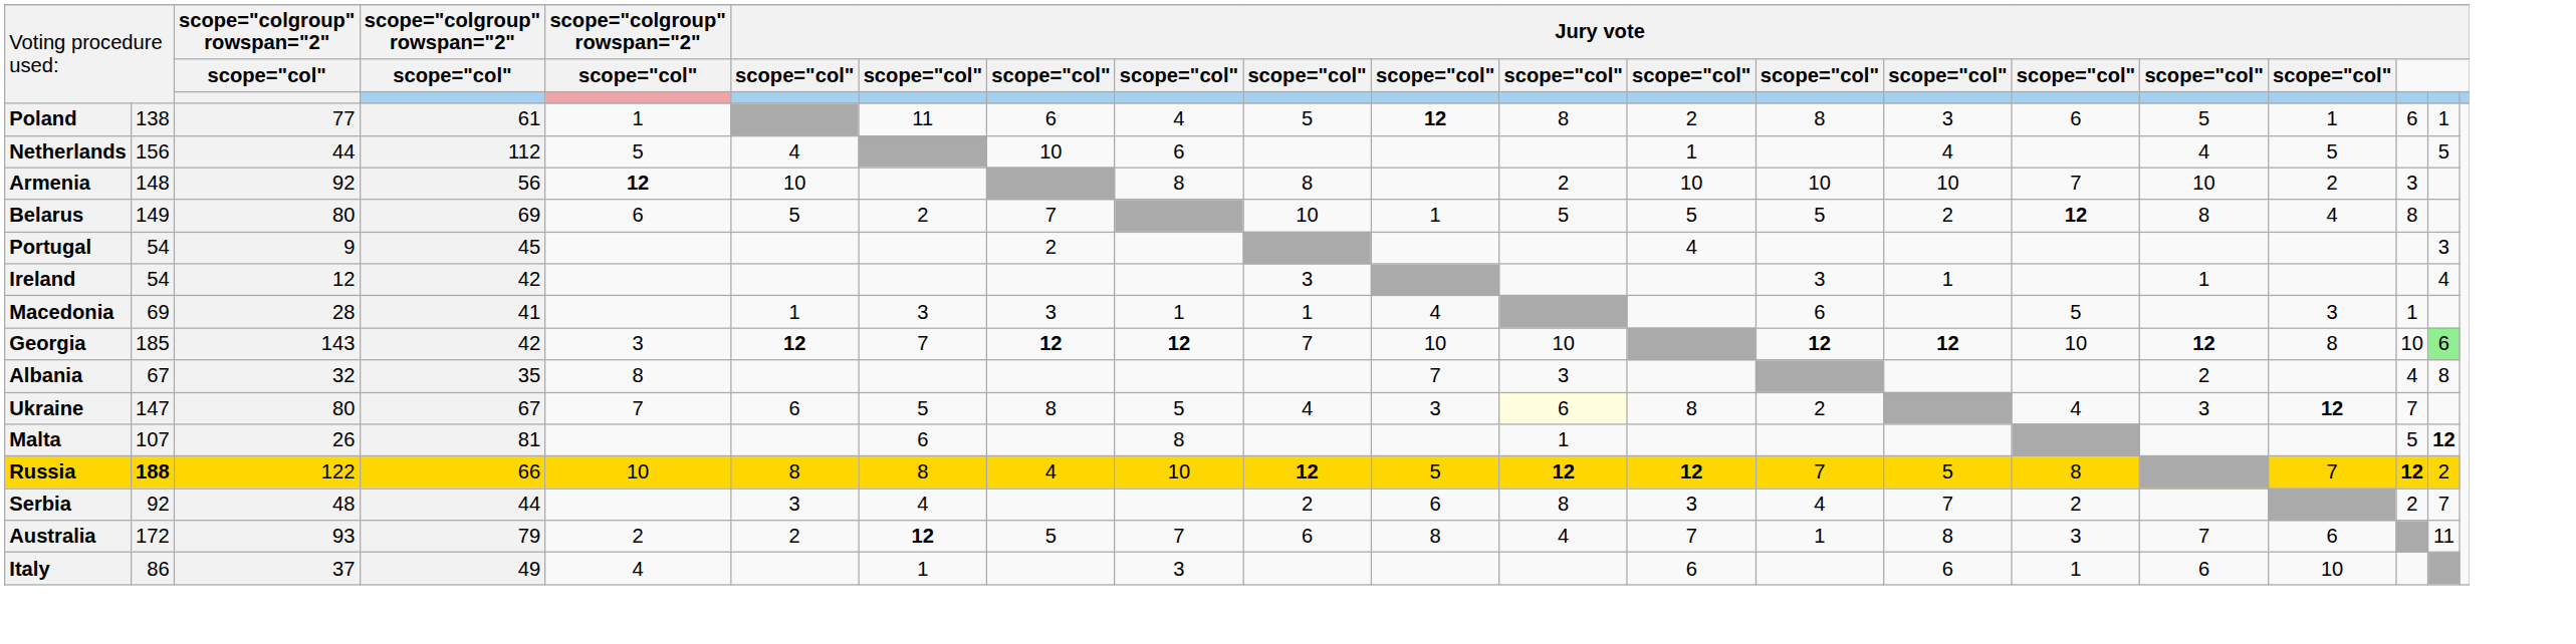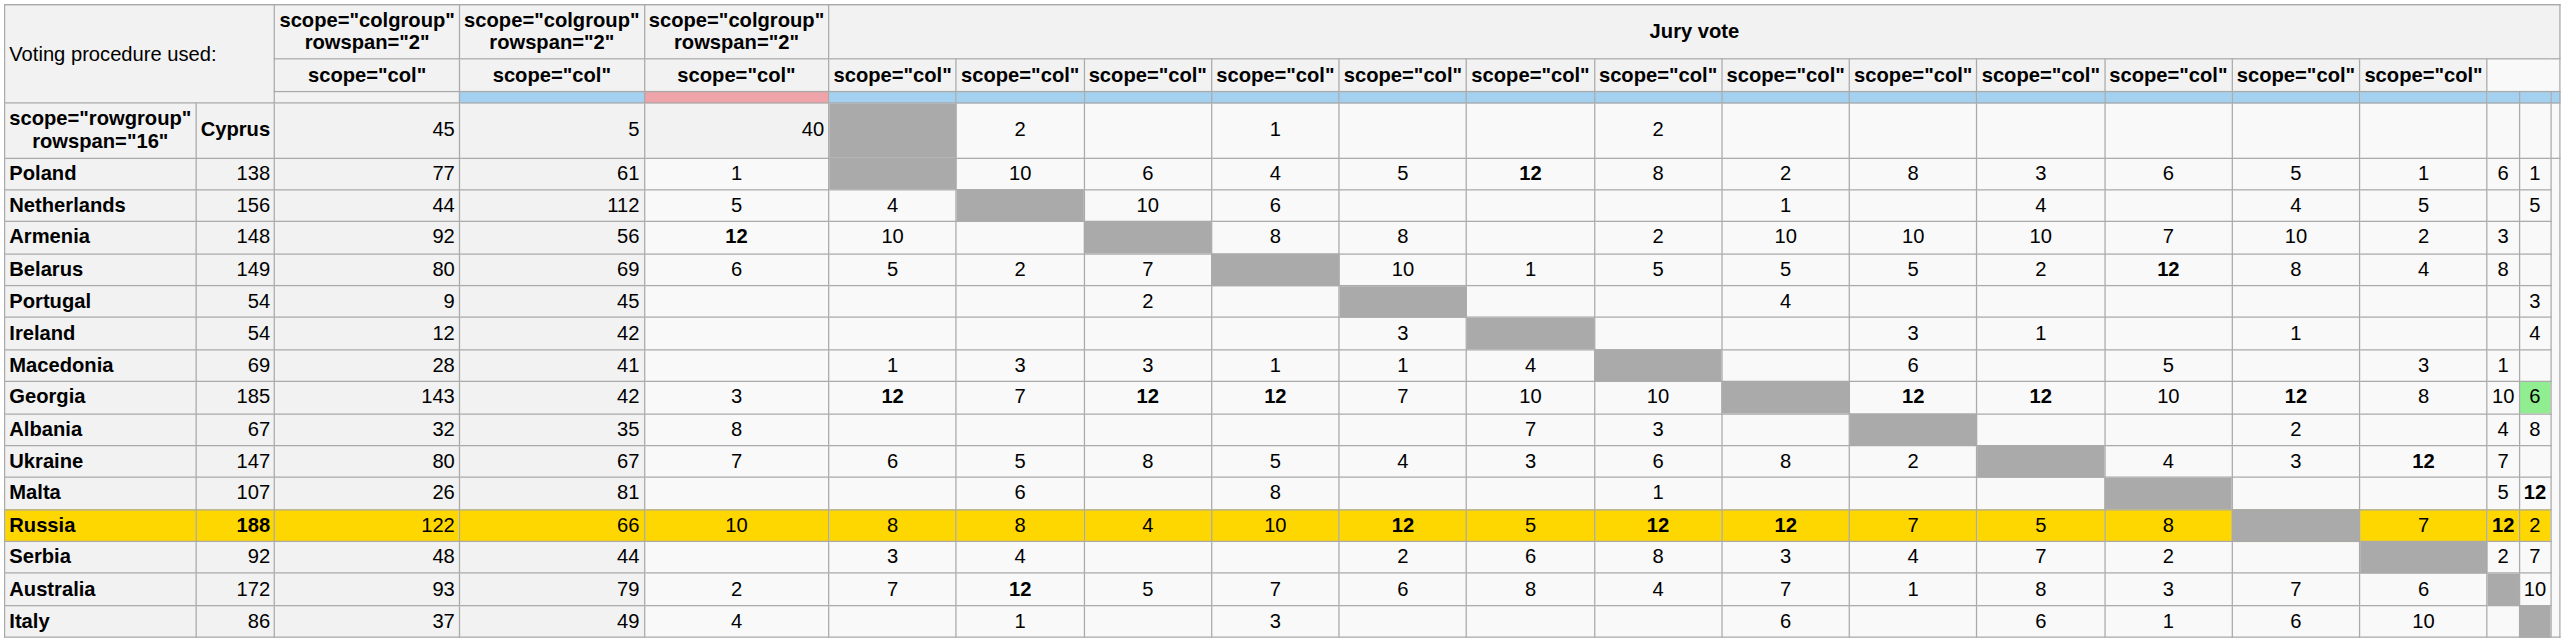 <table class="wikitable plainrowheaders" style="text-align:center;">
 <tr>
 </tr>
 <tr>
 <td colspan="2" rowspan="3" style="text-align:left; background:#F2F2F2">Voting procedure used:<br></td>
 <th>scope="colgroup" rowspan="2" </th>
 <th>scope="colgroup" rowspan="2" </th>
 <th>scope="colgroup" rowspan="2" </th>
 <th scope="colgroup" colspan="16">Jury vote</th>
 </tr>
 <tr>
 <th>scope="col" </th>
 <th>scope="col" </th>
 <th>scope="col" </th>
 <th>scope="col" </th>
 <th>scope="col" </th>
 <th>scope="col" </th>
 <th>scope="col" </th>
 <th>scope="col" </th>
 <th>scope="col" </th>
 <th>scope="col" </th>
 <th>scope="col" </th>
 <th>scope="col" </th>
 <th>scope="col" </th>
 <th>scope="col" </th>
 <th>scope="col" </th>
 <th>scope="col" </th>
 </tr>
 <tr>
 <th style="height:2px; border-top:1px solid transparent;"></th>
 <td style="background:#A4D1EF;"></td>
 <td style="background:#EFA4A9;"></td>
 <td style="background:#A4D1EF;"></td>
 <td style="background:#A4D1EF;"></td>
 <td style="background:#A4D1EF;"></td>
 <td style="background:#A4D1EF;"></td>
 <td style="background:#A4D1EF;"></td>
 <td style="background:#A4D1EF;"></td>
 <td style="background:#A4D1EF;"></td>
 <td style="background:#A4D1EF;"></td>
 <td style="background:#A4D1EF;"></td>
 <td style="background:#A4D1EF;"></td>
 <td style="background:#A4D1EF;"></td>
 <td style="background:#A4D1EF;"></td>
 <td style="background:#A4D1EF;"></td>
 <td style="background:#A4D1EF;"></td>
 <td style="background:#A4D1EF;"></td>
 <td style="background:#A4D1EF;"></td>
 </tr>
 <tr>
+<th>scope="rowgroup" rowspan="16" </th>
+<th scope="row" style="text-align:left; background:#f2f2f2;">Cyprus</th>
+<td style="text-align:right; background:#f2f2f2;">45</td>
+<td style="text-align:right; background:#f2f2f2;">5</td>
+<td style="text-align:right; background:#f2f2f2;">40</td>
+<td style="text-align:left; background:#aaa;"></td>
+<td>2</td>
+<td></td>
+<td>1</td>
+<td></td>
+<td></td>
+<td>2</td>
+<td></td>
+<td></td>
+<td></td>
+<td></td>
+<td></td>
+<td></td>
+<td></td>
+<td></td>
+<td></td>
+</tr>
+<tr>
 <th scope="row" style="text-align:left; background:#f2f2f2;">Poland</th>
 <td style="text-align:right; background:#f2f2f2;">138</td>
 <td style="text-align:right; background:#f2f2f2;">77</td>
 <td style="text-align:right; background:#f2f2f2;">61</td>
 <td>1</td>
 <td style="text-align:left; background:#aaa;"></td>
-<td>11</td>
+<td>10</td>
 <td>6</td>
 <td>4</td>
 <td>5</td>
 <td><strong>12</strong></td>
 <td>8</td>
 <td>2</td>
 <td>8</td>
 <td>3</td>
 <td>6</td>
 <td>5</td>
 <td>1</td>
 <td>6</td>
 <td>1</td>
 </tr>
 <tr>
 <th scope="row" style="text-align:left; background:#f2f2f2;">Netherlands</th>
 <td style="text-align:right; background:#f2f2f2;">156</td>
 <td style="text-align:right; background:#f2f2f2;">44</td>
 <td style="text-align:right; background:#f2f2f2;">112</td>
 <td>5</td>
 <td>4</td>
 <td style="text-align:left; background:#aaa;"></td>
 <td>10</td>
 <td>6</td>
 <td></td>
 <td></td>
 <td></td>
 <td>1</td>
 <td></td>
 <td>4</td>
 <td></td>
 <td>4</td>
 <td>5</td>
 <td></td>
 <td>5</td>
 </tr>
 <tr>
 <th scope="row" style="text-align:left; background:#f2f2f2;">Armenia</th>
 <td style="text-align:right; background:#f2f2f2;">148</td>
 <td style="text-align:right; background:#f2f2f2;">92</td>
 <td style="text-align:right; background:#f2f2f2;">56</td>
 <td><strong>12</strong></td>
 <td>10</td>
 <td></td>
 <td style="text-align:left; background:#aaa;"></td>
 <td>8</td>
 <td>8</td>
 <td></td>
 <td>2</td>
 <td>10</td>
 <td>10</td>
 <td>10</td>
 <td>7</td>
 <td>10</td>
 <td>2</td>
 <td>3</td>
 <td></td>
 </tr>
 <tr>
 <th scope="row" style="text-align:left; background:#f2f2f2;">Belarus</th>
 <td style="text-align:right; background:#f2f2f2;">149</td>
 <td style="text-align:right; background:#f2f2f2;">80</td>
 <td style="text-align:right; background:#f2f2f2;">69</td>
 <td>6</td>
 <td>5</td>
 <td>2</td>
 <td>7</td>
 <td style="text-align:left; background:#aaa;"></td>
 <td>10</td>
 <td>1</td>
 <td>5</td>
 <td>5</td>
 <td>5</td>
 <td>2</td>
 <td><strong>12</strong></td>
 <td>8</td>
 <td>4</td>
 <td>8</td>
 <td></td>
 </tr>
 <tr>
 <th scope="row" style="text-align:left; background:#f2f2f2;">Portugal</th>
 <td style="text-align:right; background:#f2f2f2;">54</td>
 <td style="text-align:right; background:#f2f2f2;">9</td>
 <td style="text-align:right; background:#f2f2f2;">45</td>
 <td></td>
 <td></td>
 <td></td>
 <td>2</td>
 <td></td>
 <td style="text-align:left; background:#aaa;"></td>
 <td></td>
 <td></td>
 <td>4</td>
 <td></td>
 <td></td>
 <td></td>
 <td></td>
 <td></td>
 <td></td>
 <td>3</td>
 </tr>
 <tr>
 <th scope="row" style="text-align:left; background:#f2f2f2;">Ireland</th>
 <td style="text-align:right; background:#f2f2f2;">54</td>
 <td style="text-align:right; background:#f2f2f2;">12</td>
 <td style="text-align:right; background:#f2f2f2;">42</td>
 <td></td>
 <td></td>
 <td></td>
 <td></td>
 <td></td>
 <td>3</td>
 <td style="text-align:left; background:#aaa;"></td>
 <td></td>
 <td></td>
 <td>3</td>
 <td>1</td>
 <td></td>
 <td>1</td>
 <td></td>
 <td></td>
 <td>4</td>
 </tr>
 <tr>
 <th scope="row" style="text-align:left; background:#f2f2f2;">Macedonia</th>
 <td style="text-align:right; background:#f2f2f2;">69</td>
 <td style="text-align:right; background:#f2f2f2;">28</td>
 <td style="text-align:right; background:#f2f2f2;">41</td>
 <td></td>
 <td>1</td>
 <td>3</td>
 <td>3</td>
 <td>1</td>
 <td>1</td>
 <td>4</td>
 <td style="text-align:left; background:#aaa;"></td>
 <td></td>
 <td>6</td>
 <td></td>
 <td>5</td>
 <td></td>
 <td>3</td>
 <td>1</td>
 <td></td>
 </tr>
 <tr>
 <th scope="row" style="text-align:left; background:#f2f2f2;">Georgia</th>
 <td style="text-align:right; background:#f2f2f2;">185</td>
 <td style="text-align:right; background:#f2f2f2;">143</td>
 <td style="text-align:right; background:#f2f2f2;">42</td>
 <td>3</td>
 <td><strong>12</strong></td>
 <td>7</td>
 <td><strong>12</strong></td>
 <td><strong>12</strong></td>
 <td>7</td>
 <td>10</td>
 <td>10</td>
 <td style="text-align:left; background:#aaa;"></td>
 <td><strong>12</strong></td>
 <td><strong>12</strong></td>
 <td>10</td>
 <td><strong>12</strong></td>
 <td>8</td>
 <td>10</td>
 <td style="background: lightgreen;">6</td>
 </tr>
 <tr>
 <th scope="row" style="text-align:left; background:#f2f2f2;">Albania</th>
 <td style="text-align:right; background:#f2f2f2;">67</td>
 <td style="text-align:right; background:#f2f2f2;">32</td>
 <td style="text-align:right; background:#f2f2f2;">35</td>
 <td>8</td>
 <td></td>
 <td></td>
 <td></td>
 <td></td>
 <td></td>
 <td>7</td>
 <td>3</td>
 <td></td>
 <td style="text-align:left; background:#aaa;"></td>
 <td></td>
 <td></td>
 <td>2</td>
 <td></td>
 <td>4</td>
 <td>8</td>
 </tr>
 <tr>
 <th scope="row" style="text-align:left; background:#f2f2f2;">Ukraine</th>
 <td style="text-align:right; background:#f2f2f2;">147</td>
 <td style="text-align:right; background:#f2f2f2;">80</td>
 <td style="text-align:right; background:#f2f2f2;">67</td>
 <td>7</td>
 <td>6</td>
 <td>5</td>
 <td>8</td>
 <td>5</td>
 <td>4</td>
 <td>3</td>
-<td style="background: lightyellow;">6</td>
+<td>6</td>
 <td>8</td>
 <td>2</td>
 <td style="text-align:left; background:#aaa;"></td>
 <td>4</td>
 <td>3</td>
 <td><strong>12</strong></td>
 <td>7</td>
 <td></td>
 </tr>
 <tr>
 <th scope="row" style="text-align:left; background:#f2f2f2;">Malta</th>
 <td style="text-align:right; background:#f2f2f2;">107</td>
 <td style="text-align:right; background:#f2f2f2;">26</td>
 <td style="text-align:right; background:#f2f2f2;">81</td>
 <td></td>
 <td></td>
 <td>6</td>
 <td></td>
 <td>8</td>
 <td></td>
 <td></td>
 <td>1</td>
 <td></td>
 <td></td>
 <td></td>
 <td style="text-align:left; background:#aaa;"></td>
 <td></td>
 <td></td>
 <td>5</td>
 <td><strong>12</strong></td>
 </tr>
 <tr style="background:gold;">
 <th scope="row" style="text-align:left; font-weight:bold; background:gold;">Russia</th>
 <td style="text-align:right; font-weight:bold;">188</td>
 <td style="text-align:right;">122</td>
 <td style="text-align:right;">66</td>
 <td>10</td>
 <td>8</td>
 <td>8</td>
 <td>4</td>
 <td>10</td>
 <td><strong>12</strong></td>
 <td>5</td>
 <td><strong>12</strong></td>
 <td><strong>12</strong></td>
 <td>7</td>
 <td>5</td>
 <td>8</td>
 <td style="text-align:left; background:#aaa;"></td>
 <td>7</td>
 <td><strong>12</strong></td>
 <td>2</td>
 </tr>
 <tr>
 <th scope="row" style="text-align:left; background:#f2f2f2;">Serbia</th>
 <td style="text-align:right; background:#f2f2f2;">92</td>
 <td style="text-align:right; background:#f2f2f2;">48</td>
 <td style="text-align:right; background:#f2f2f2;">44</td>
 <td></td>
 <td>3</td>
 <td>4</td>
 <td></td>
 <td></td>
 <td>2</td>
 <td>6</td>
 <td>8</td>
 <td>3</td>
 <td>4</td>
 <td>7</td>
 <td>2</td>
 <td></td>
 <td style="text-align:left; background:#aaa;"></td>
 <td>2</td>
 <td>7</td>
 </tr>
 <tr>
 <th scope="row" style="text-align:left; background:#f2f2f2;">Australia</th>
 <td style="text-align:right; background:#f2f2f2;">172</td>
 <td style="text-align:right; background:#f2f2f2;">93</td>
 <td style="text-align:right; background:#f2f2f2;">79</td>
 <td>2</td>
-<td>2</td>
+<td>7</td>
 <td><strong>12</strong></td>
 <td>5</td>
 <td>7</td>
 <td>6</td>
 <td>8</td>
 <td>4</td>
 <td>7</td>
 <td>1</td>
 <td>8</td>
 <td>3</td>
 <td>7</td>
 <td>6</td>
 <td style="text-align:left; background:#aaa;"></td>
-<td>11</td>
+<td>10</td>
 </tr>
 <tr>
 <th scope="row" style="text-align:left; background:#f2f2f2;">Italy</th>
 <td style="text-align:right; background:#f2f2f2;">86</td>
 <td style="text-align:right; background:#f2f2f2;">37</td>
 <td style="text-align:right; background:#f2f2f2;">49</td>
 <td>4</td>
 <td></td>
 <td>1</td>
 <td></td>
 <td>3</td>
 <td></td>
 <td></td>
 <td></td>
 <td>6</td>
 <td></td>
 <td>6</td>
 <td>1</td>
 <td>6</td>
 <td>10</td>
 <td></td>
 <td style="text-align:left; background:#aaa;"></td>
 </tr>
 </table>
